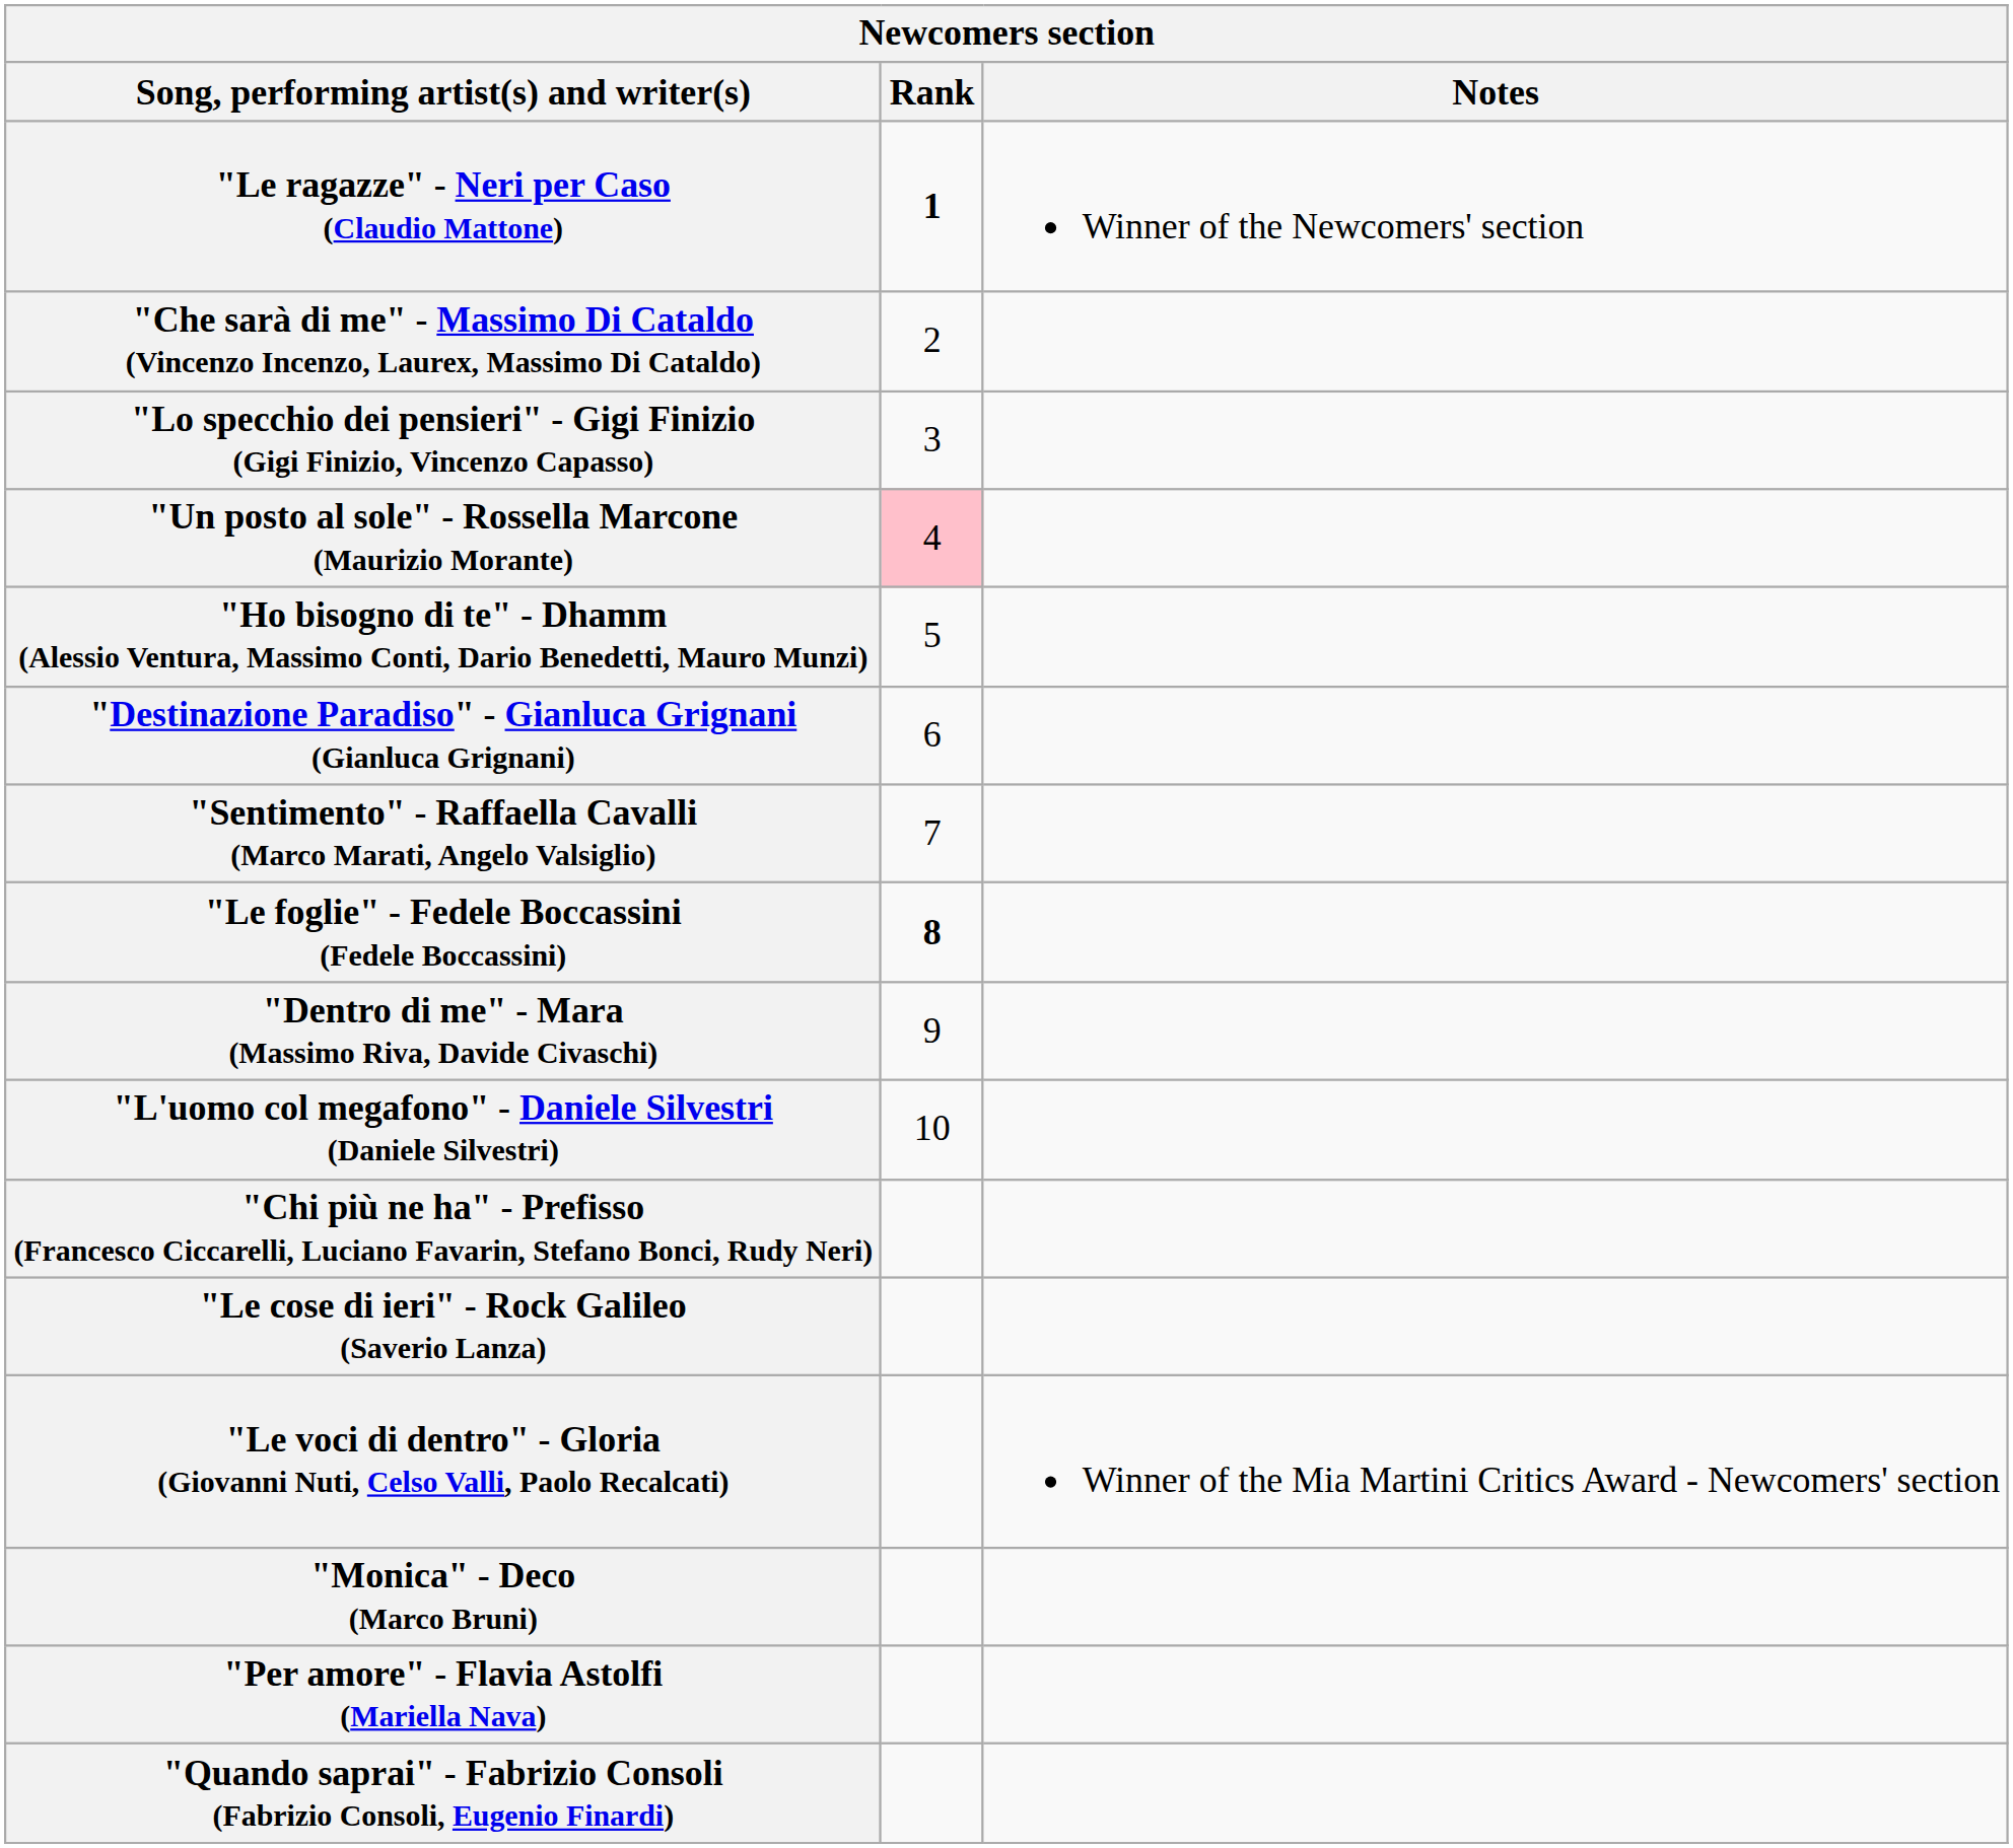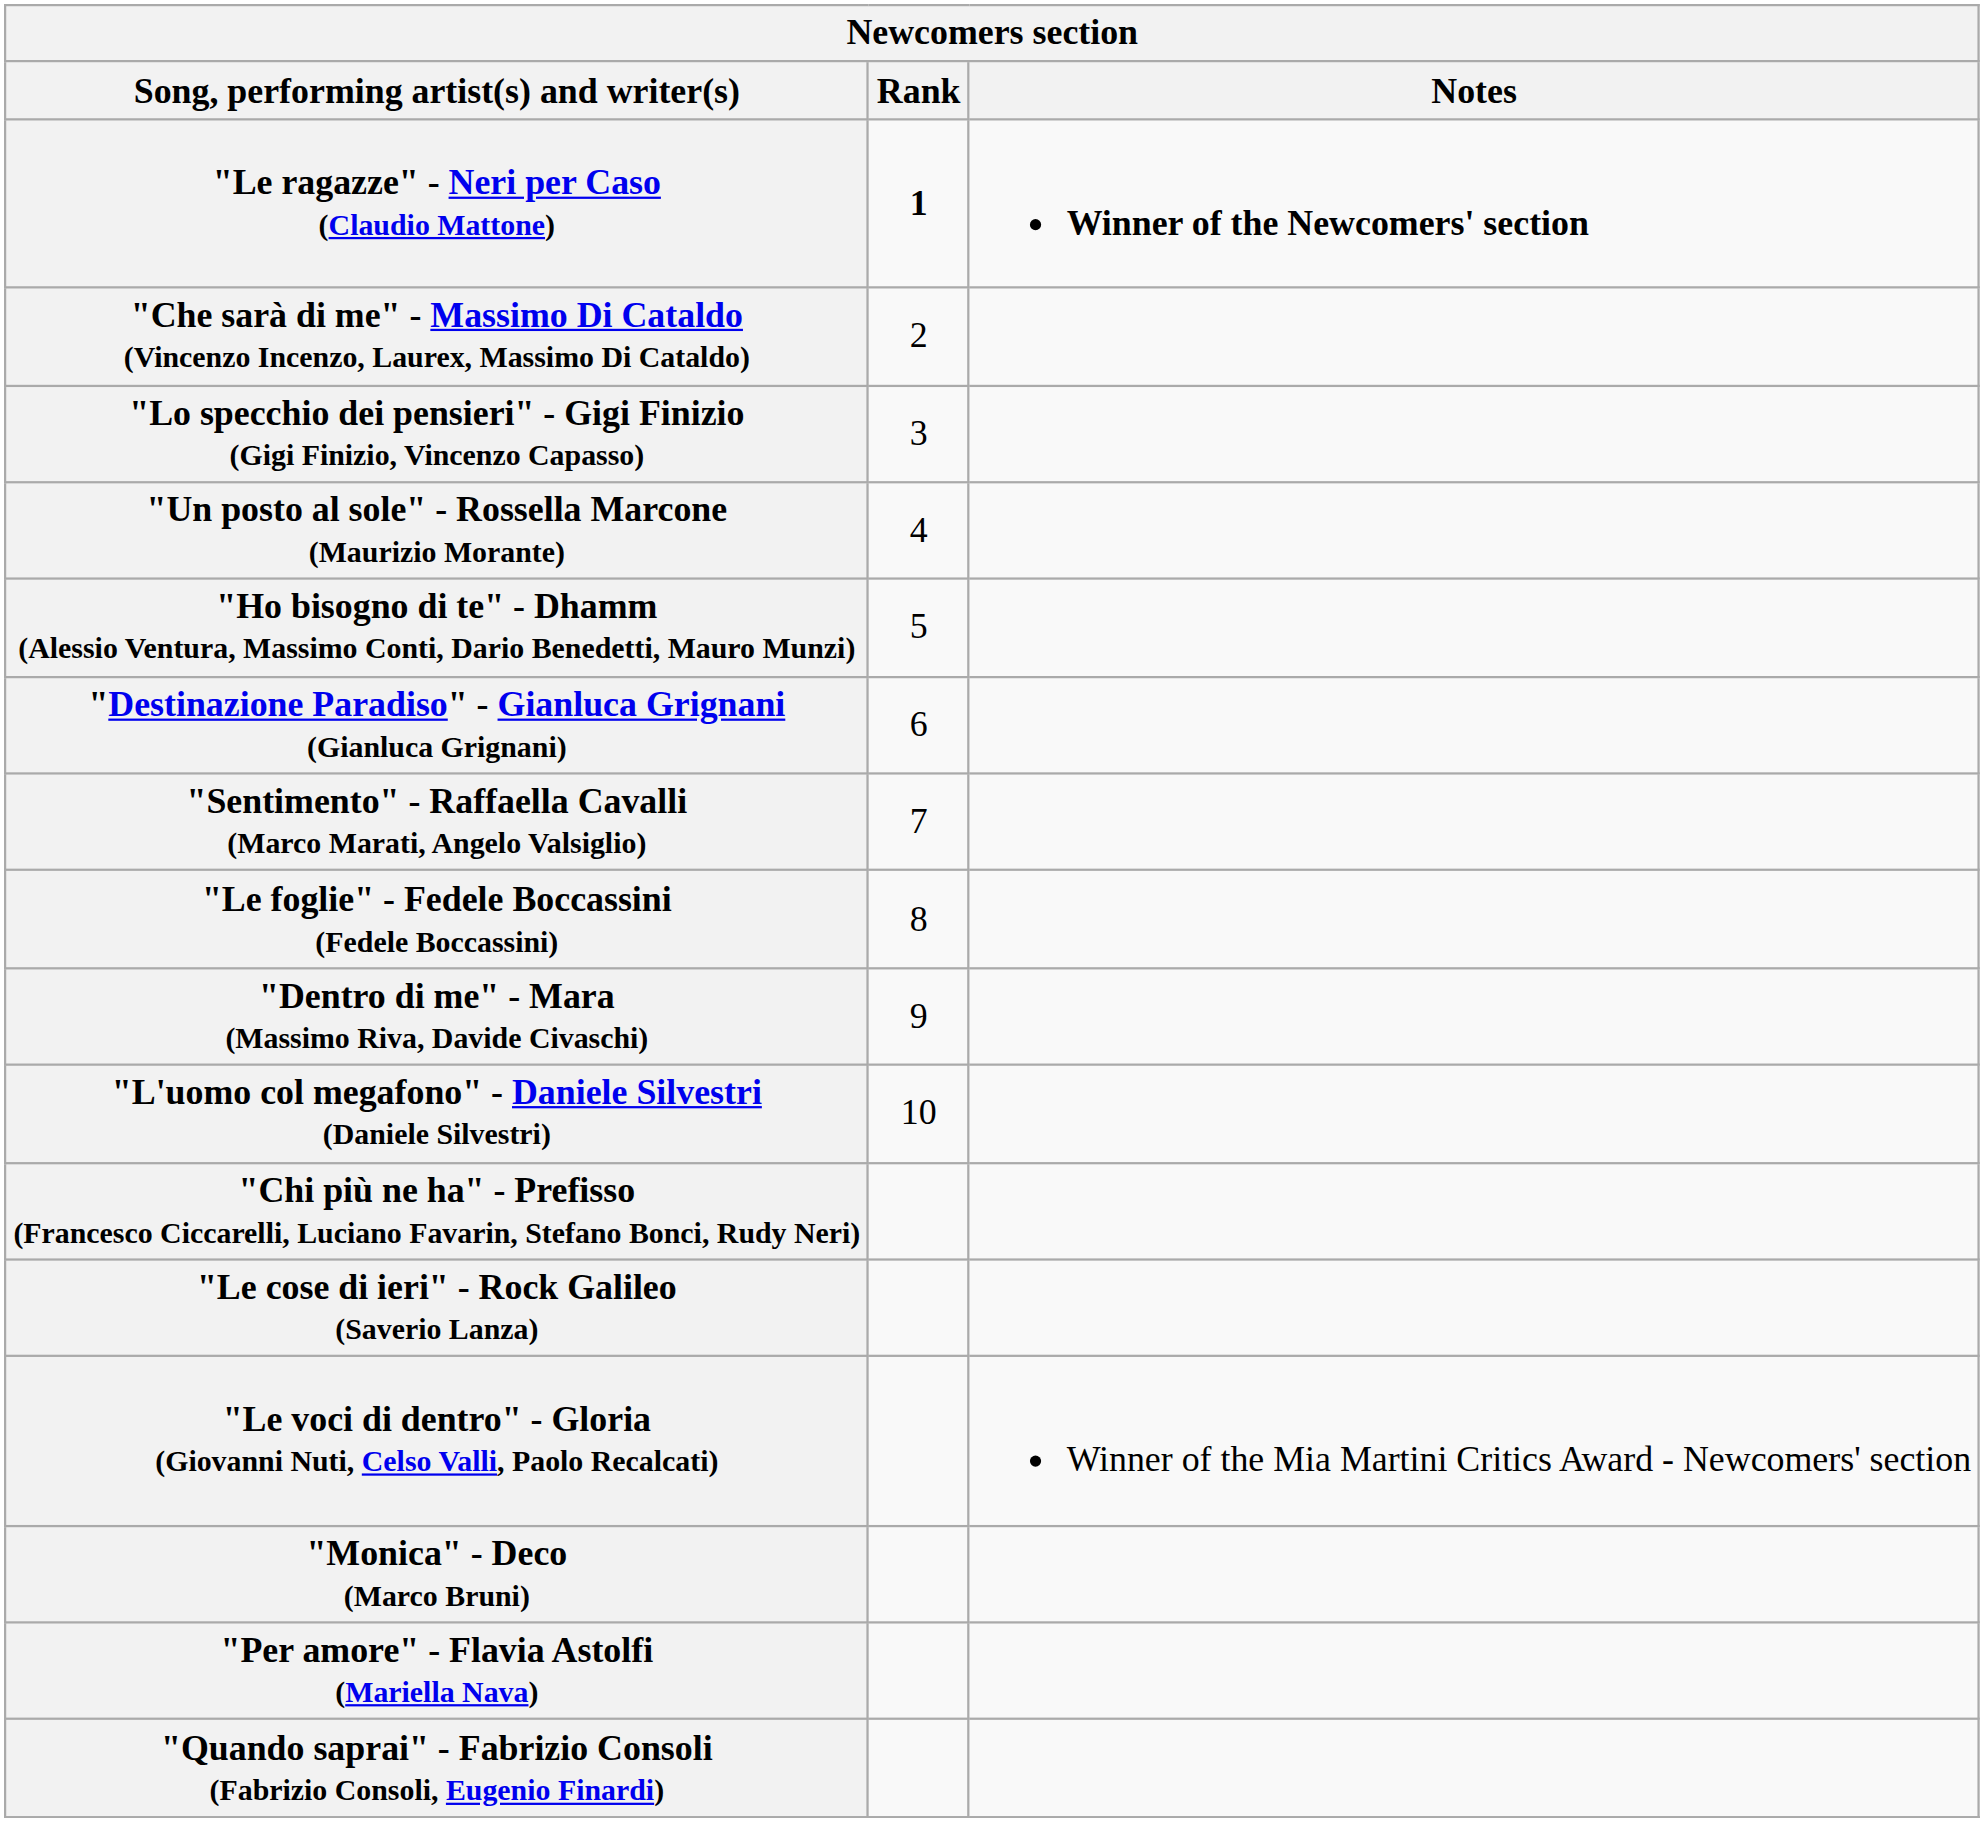 <table class="plainrowheaders wikitable">
 <tr>
 <th colspan="3">Newcomers section </th>
 </tr>
 <tr>
 <th>Song, performing artist(s) and writer(s)</th>
 <th>Rank</th>
 <th>Notes</th>
 </tr>
 <tr>
 <th scope="row">"Le ragazze" - <a href='#'>Neri per Caso</a>  <br><small> (<a href='#'>Claudio Mattone</a>)</small></th>
 <td style="text-align:center;"><strong>1</strong></td>
-<td><br><ul><li>Winner of the Newcomers' section</li></ul></td>
+<td><strong><br><ul><li>Winner of the Newcomers' section</li></ul></strong></td>
 </tr>
 <tr>
 <th scope="row">"Che sarà di me" -  <a href='#'>Massimo Di Cataldo</a>  <br><small> (Vincenzo Incenzo, Laurex, Massimo Di Cataldo)</small></th>
 <td style="text-align:center;">2</td>
 <td></td>
 </tr>
 <tr>
 <th scope="row">"Lo specchio dei pensieri" -   Gigi Finizio<br><small> (Gigi Finizio, Vincenzo Capasso)</small></th>
 <td style="text-align:center;">3</td>
 <td></td>
 </tr>
 <tr>
 <th scope="row">"Un posto al sole" - Rossella Marcone  <br><small> (Maurizio Morante)</small></th>
-<td style="background: pink; text-align:center;">4</td>
+<td style="text-align:center;">4</td>
 <td></td>
 </tr>
 <tr>
 <th scope="row">"Ho bisogno di te" -  Dhamm  <br><small> (Alessio Ventura, Massimo Conti, Dario Benedetti, Mauro Munzi)</small></th>
 <td style="text-align:center;">5</td>
 <td></td>
 </tr>
 <tr>
 <th scope="row">"<a href='#'>Destinazione Paradiso</a>" - <a href='#'>Gianluca Grignani</a>  <br><small> (Gianluca Grignani)</small></th>
 <td style="text-align:center;">6</td>
 <td></td>
 </tr>
 <tr>
 <th scope="row">"Sentimento" -  Raffaella Cavalli    <br><small> (Marco Marati, Angelo Valsiglio)</small></th>
 <td style="text-align:center;">7</td>
 <td></td>
 </tr>
 <tr>
 <th scope="row">"Le foglie" -  Fedele Boccassini   <br><small> (Fedele Boccassini)</small></th>
-<td style="text-align:center;"><strong>8</strong></td>
+<td style="text-align:center;">8</td>
 <td></td>
 </tr>
 <tr>
 <th scope="row">"Dentro di me" -   Mara   <br><small> (Massimo Riva, Davide Civaschi)</small></th>
 <td style="text-align:center;">9</td>
 <td></td>
 </tr>
 <tr>
 <th scope="row">"L'uomo col megafono" -  <a href='#'>Daniele Silvestri</a>  <br><small> (Daniele Silvestri)</small></th>
 <td style="text-align:center;">10</td>
 <td></td>
 </tr>
 <tr>
 <th scope="row">"Chi più ne ha" - Prefisso  <br><small> (Francesco Ciccarelli, Luciano Favarin, Stefano Bonci, Rudy Neri)</small></th>
 <td></td>
 <td></td>
 </tr>
 <tr>
 <th scope="row">"Le cose di ieri" - Rock Galileo  <br><small> (Saverio Lanza)</small></th>
 <td></td>
 <td></td>
 </tr>
 <tr>
 <th scope="row">"Le voci di dentro" -  Gloria <br><small> (Giovanni Nuti, <a href='#'>Celso Valli</a>, Paolo Recalcati)</small></th>
 <td></td>
 <td><br><ul><li>Winner of the Mia Martini Critics Award - Newcomers' section</li></ul></td>
 </tr>
 <tr>
 <th scope="row">"Monica" -  Deco <br><small> (Marco Bruni)</small></th>
 <td></td>
 <td></td>
 </tr>
 <tr>
 <th scope="row">"Per amore" -  Flavia Astolfi <br><small> (<a href='#'>Mariella Nava</a>)</small></th>
 <td></td>
 <td></td>
 </tr>
 <tr>
 <th scope="row">"Quando saprai" -  Fabrizio Consoli <br><small> (Fabrizio Consoli, <a href='#'>Eugenio Finardi</a>)</small></th>
 <td></td>
 <td></td>
 </tr>
 <tr>
 </tr>
 </table>
